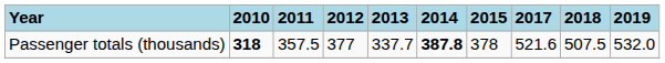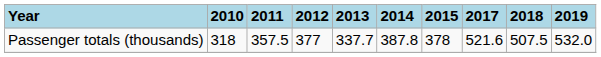 <table class="wikitable">
 <tr style="background-color: LightBlue">
 <td><strong>Year</strong></td>
 <td><strong>2010</strong></td>
 <td><strong>2011</strong></td>
 <td><strong>2012</strong></td>
 <td><strong>2013</strong></td>
 <td><strong>2014</strong></td>
 <td><strong>2015</strong></td>
 <td><strong>2017</strong></td>
 <td><strong>2018</strong></td>
 <td><strong>2019</strong></td>
 </tr>
 <tr>
 <td>Passenger totals (thousands)</td>
-<td><strong>318</strong></td>
+<td>318</td>
 <td>357.5</td>
 <td>377</td>
 <td>337.7</td>
-<td><strong>387.8</strong></td>
+<td>387.8</td>
 <td>378</td>
 <td>521.6</td>
 <td>507.5</td>
 <td>532.0</td>
 </tr>
 <tr>
 </tr>
 </table>
